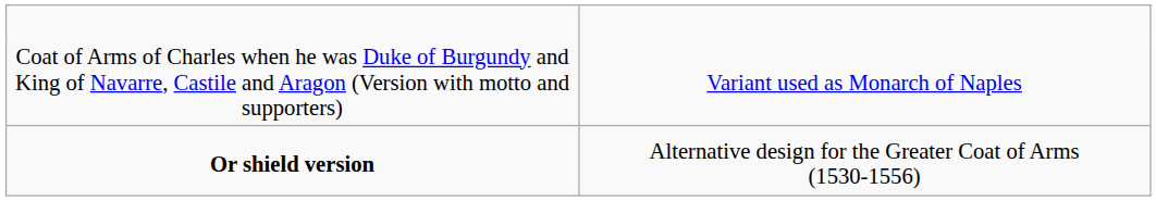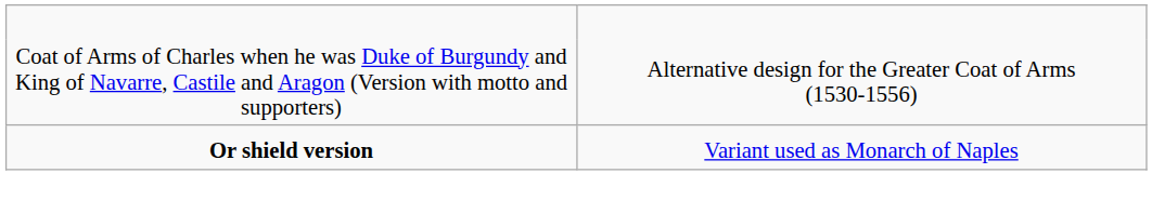 <table class="wikitable" style="text-align: center; margin:1em auto;">
 <tr>
 <td align="right" width="400px" style="border-bottom: 0;"><br></td>
 <td width="400px" style="border-bottom: 0;"><br></td>
 </tr>
 <tr>
 <td style="border-top: 0;">Coat of Arms of Charles when he was <a href='#'>Duke of Burgundy</a> and King of <a href='#'>Navarre</a>, <a href='#'>Castile</a> and <a href='#'>Aragon</a> (Version with motto and supporters)</td>
-<td style="border-top: 0;"><a href='#'>Variant used as Monarch of Naples</a></td>
+<td style="border-top: 0;">Alternative design for the Greater Coat of Arms <br>(1530-1556)</td>
 </tr>
 <tr>
 <td style="border-bottom: 0;"></td>
 <td style="border-bottom: 0;"></td>
 </tr>
 <tr>
 <td style="border-top: 0;"><strong>Or shield version</strong></td>
-<td style="border-top: 0;">Alternative design for the Greater Coat of Arms <br>(1530-1556)</td>
+<td style="border-top: 0;"><a href='#'>Variant used as Monarch of Naples</a></td>
 </tr>
 </table>
